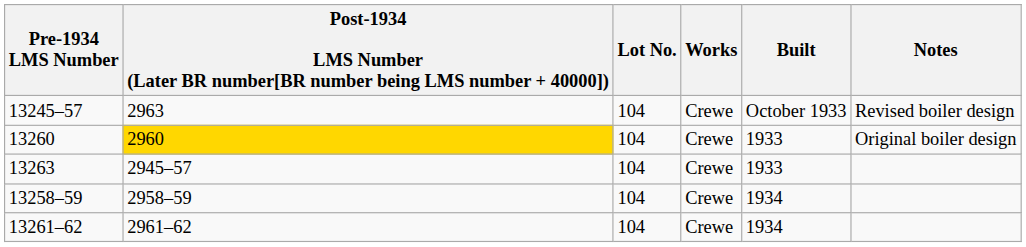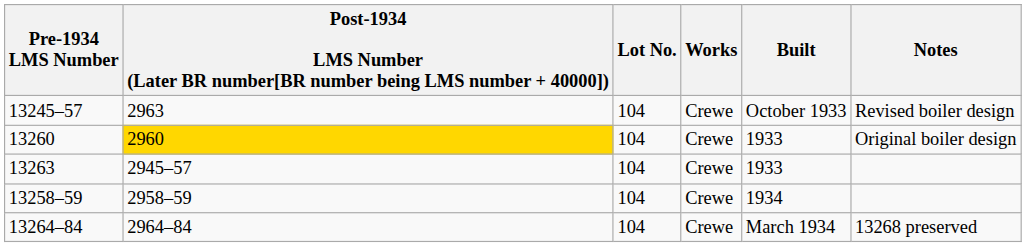 <table class="wikitable">
 <tr>
 <th>Pre-1934<br>LMS Number</th>
 <th>Post-1934 <br><br>LMS Number <br> (Later BR number[BR number being LMS number + 40000])</th>
 <th>Lot No.</th>
 <th>Works</th>
 <th>Built</th>
 <th>Notes</th>
 </tr>
 <tr>
 <td>13245–57</td>
 <td>2963</td>
 <td>104</td>
 <td>Crewe</td>
 <td>October 1933</td>
 <td>Revised boiler design</td>
 </tr>
 <tr>
 <td>13260</td>
 <td style="background: gold;">2960</td>
 <td>104</td>
 <td>Crewe</td>
 <td>1933</td>
 <td>Original boiler design</td>
 </tr>
 <tr>
 <td>13263</td>
 <td>2945–57</td>
 <td>104</td>
 <td>Crewe</td>
 <td>1933</td>
 <td></td>
 </tr>
 <tr>
 <td>13258–59</td>
 <td>2958–59</td>
 <td>104</td>
 <td>Crewe</td>
 <td>1934</td>
 <td></td>
 </tr>
 <tr>
-<td>13261–62</td>
-<td>2961–62</td>
+<td>13264–84</td>
+<td>2964–84</td>
 <td>104</td>
 <td>Crewe</td>
-<td>1934</td>
-<td></td>
+<td>March 1934</td>
+<td>13268 preserved</td>
 </tr>
 </table>
